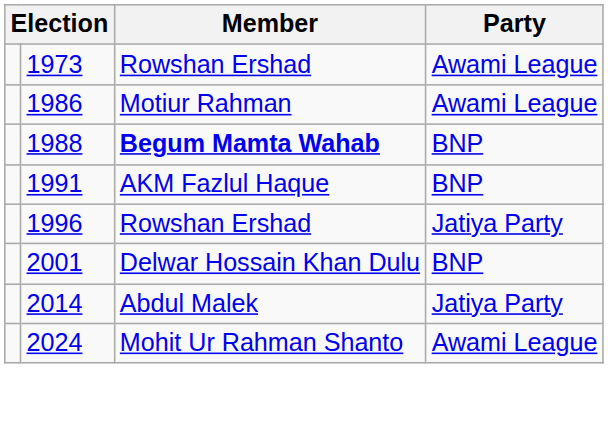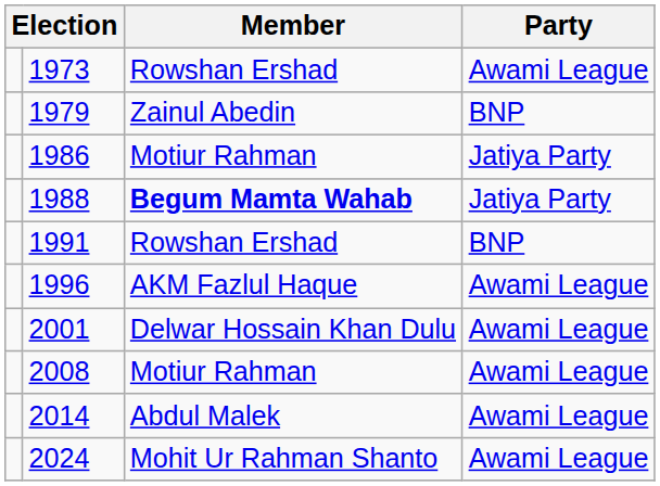 <table class="wikitable">
 <tr>
 <th colspan="2">Election</th>
 <th>Member</th>
 <th>Party</th>
 </tr>
 <tr>
 <td style="background-color:"></td>
 <td><a href='#'>1973</a></td>
 <td><a href='#'>Rowshan Ershad</a></td>
 <td><a href='#'>Awami League</a></td>
 </tr>
 <tr>
 <td style="background-color:"></td>
+<td><a href='#'>1979</a></td>
+<td><a href='#'>Zainul Abedin</a></td>
+<td><a href='#'>BNP</a></td>
+</tr>
+<tr>
+<td style="background-color:"></td>
 <td><a href='#'>1986</a></td>
+<td><a href='#'>Motiur Rahman</a></td>
+<td><a href='#'>Jatiya Party</a></td>
+</tr>
+<tr>
+<td style="background-color:"></td>
+<td><a href='#'>1988</a></td>
+<td><strong><a href='#'>Begum Mamta Wahab</a></strong></td>
+<td><a href='#'>Jatiya Party</a></td>
+</tr>
+<tr>
+<td style="background-color:"></td>
+<td><a href='#'>1991</a></td>
+<td><a href='#'>Rowshan Ershad</a></td>
+<td><a href='#'>BNP</a></td>
+</tr>
+<tr>
+<td style="background-color:"></td>
+<td><a href='#'>1996</a></td>
+<td><a href='#'>AKM Fazlul Haque</a></td>
+<td><a href='#'>Awami League</a></td>
+</tr>
+<tr>
+<td style="background-color:"></td>
+<td><a href='#'>2001</a></td>
+<td><a href='#'>Delwar Hossain Khan Dulu</a></td>
+<td><a href='#'>Awami League</a></td>
+</tr>
+<tr>
+<td style="background-color:"></td>
+<td><a href='#'>2008</a></td>
 <td><a href='#'>Motiur Rahman</a></td>
 <td><a href='#'>Awami League</a></td>
 </tr>
 <tr>
 <td style="background-color:"></td>
-<td><a href='#'>1988</a></td>
-<td><strong><a href='#'>Begum Mamta Wahab</a></strong></td>
-<td><a href='#'>BNP</a></td>
-</tr>
-<tr>
-<td style="background-color:"></td>
-<td><a href='#'>1991</a></td>
-<td><a href='#'>AKM Fazlul Haque</a></td>
-<td><a href='#'>BNP</a></td>
-</tr>
-<tr>
-<td style="background-color:"></td>
-<td><a href='#'>1996</a></td>
-<td><a href='#'>Rowshan Ershad</a></td>
-<td><a href='#'>Jatiya Party</a></td>
-</tr>
-<tr>
-<td style="background-color:"></td>
-<td><a href='#'>2001</a></td>
-<td><a href='#'>Delwar Hossain Khan Dulu</a></td>
-<td><a href='#'>BNP</a></td>
-</tr>
-<tr>
-<td style="background-color:"></td>
 <td><a href='#'>2014</a></td>
 <td><a href='#'>Abdul Malek</a></td>
-<td><a href='#'>Jatiya Party</a></td>
+<td><a href='#'>Awami League</a></td>
 </tr>
 <tr>
 <td style="background-color:"></td>
 <td><a href='#'>2024</a></td>
 <td><a href='#'>Mohit Ur Rahman Shanto</a></td>
 <td><a href='#'>Awami League</a></td>
 </tr>
 </table>
